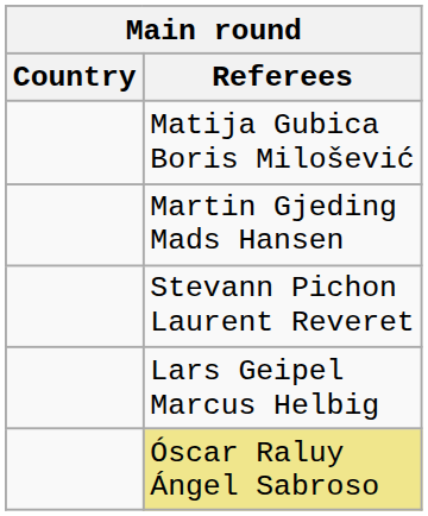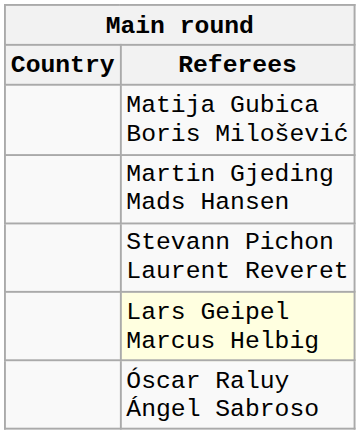 <table class="wikitable">
 <tr>
 <th colspan="3">Main round</th>
 </tr>
 <tr>
 <th>Country</th>
 <th>Referees</th>
 </tr>
 <tr>
 <td></td>
 <td>Matija Gubica<br>Boris Milošević</td>
 </tr>
 <tr>
 <td></td>
 <td>Martin Gjeding<br>Mads Hansen</td>
 </tr>
 <tr>
 <td></td>
 <td>Stevann Pichon<br>Laurent Reveret</td>
 </tr>
 <tr>
 <td></td>
-<td>Lars Geipel<br>Marcus Helbig</td>
+<td style="background: lightyellow;">Lars Geipel<br>Marcus Helbig</td>
 </tr>
 <tr>
 <td></td>
-<td style="background: khaki;">Óscar Raluy<br>Ángel Sabroso</td>
+<td>Óscar Raluy<br>Ángel Sabroso</td>
 </tr>
 </table>
